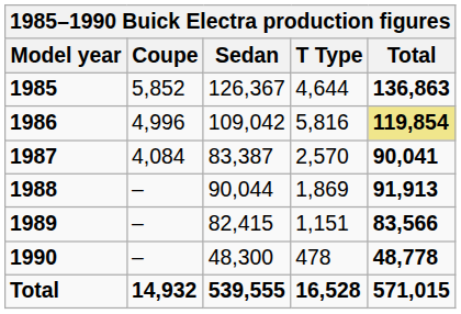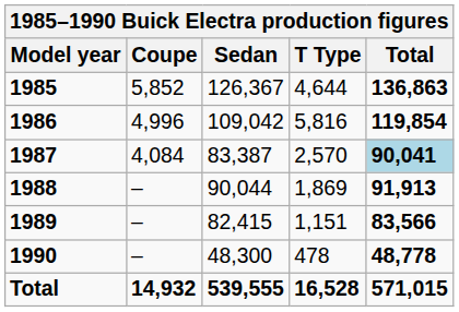 <table class="wikitable">
 <tr>
 <th colspan="5">1985–1990 Buick Electra production figures</th>
 </tr>
 <tr>
 <th>Model year</th>
 <th>Coupe</th>
 <th>Sedan</th>
 <th>T Type</th>
 <th>Total</th>
 </tr>
 <tr>
 <td><strong>1985</strong></td>
 <td>5,852</td>
 <td>126,367</td>
 <td>4,644</td>
 <td><strong>136,863</strong></td>
 </tr>
 <tr>
 <td><strong>1986</strong></td>
 <td>4,996</td>
 <td>109,042</td>
 <td>5,816</td>
-<td style="background: khaki;"><strong>119,854</strong></td>
+<td><strong>119,854</strong></td>
 </tr>
 <tr>
 <td><strong>1987</strong></td>
 <td>4,084</td>
 <td>83,387</td>
 <td>2,570</td>
-<td><strong>90,041</strong></td>
+<td style="background: lightblue;"><strong>90,041</strong></td>
 </tr>
 <tr>
 <td><strong>1988</strong></td>
 <td>–</td>
 <td>90,044</td>
 <td>1,869</td>
 <td><strong>91,913</strong></td>
 </tr>
 <tr>
 <td><strong>1989</strong></td>
 <td>–</td>
 <td>82,415</td>
 <td>1,151</td>
 <td><strong>83,566</strong></td>
 </tr>
 <tr>
 <td><strong>1990</strong></td>
 <td>–</td>
 <td>48,300</td>
 <td>478</td>
 <td><strong>48,778</strong></td>
 </tr>
 <tr>
 <td><strong>Total</strong></td>
 <td><strong>14,932</strong></td>
 <td><strong>539,555</strong></td>
 <td><strong>16,528</strong></td>
 <td><strong>571,015</strong></td>
 </tr>
 </table>
